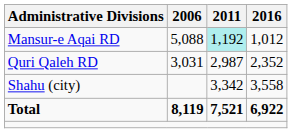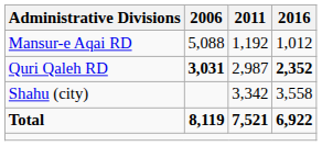 <table class="wikitable">
 <tr>
 <th>Administrative Divisions</th>
 <th>2006</th>
 <th>2011</th>
 <th>2016</th>
 </tr>
 <tr>
 <td><a href='#'>Mansur-e Aqai RD</a></td>
 <td style="text-align: right;">5,088</td>
-<td style="background: paleturquoise; text-align: right;">1,192</td>
+<td style="text-align: right;">1,192</td>
 <td style="text-align: right;">1,012</td>
 </tr>
 <tr>
 <td><a href='#'>Quri Qaleh RD</a></td>
-<td style="text-align: right;">3,031</td>
+<td style="text-align: right;"><strong>3,031</strong></td>
 <td style="text-align: right;">2,987</td>
-<td style="text-align: right;">2,352</td>
+<td style="text-align: right;"><strong>2,352</strong></td>
 </tr>
 <tr>
 <td><a href='#'>Shahu</a> (city)</td>
 <td style="text-align: right;"></td>
 <td style="text-align: right;">3,342</td>
 <td style="text-align: right;">3,558</td>
 </tr>
 <tr>
 <td><strong>Total</strong></td>
 <td style="text-align: right;"><strong>8,119</strong></td>
 <td style="text-align: right;"><strong>7,521</strong></td>
 <td style="text-align: right;"><strong>6,922</strong></td>
 </tr>
 <tr>
 <td colspan=4></td>
 </tr>
 </table>
